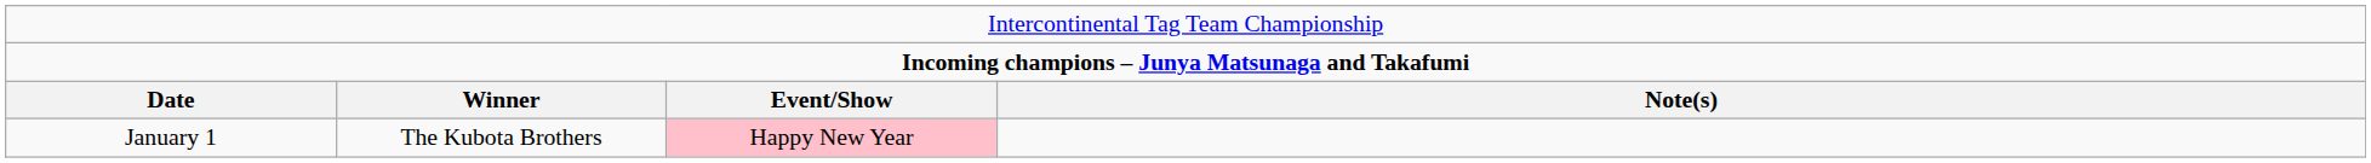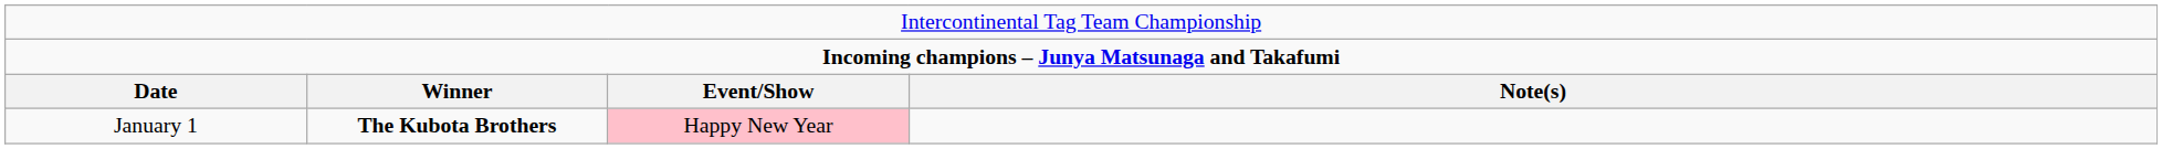 <table class="wikitable" style="text-align:center; width:100%;">
 <tr>
 <td colspan="5" style="text-align: center;"><a href='#'>Intercontinental Tag Team Championship</a></td>
 </tr>
 <tr>
 <td colspan="5" style="text-align: center;"><strong>Incoming champions – <a href='#'>Junya Matsunaga</a> and Takafumi</strong></td>
 </tr>
 <tr>
 <th width=14%>Date</th>
 <th width=14%>Winner</th>
 <th width=14%>Event/Show</th>
 <th width=58%>Note(s)</th>
 </tr>
 <tr>
 <td>January 1<br></td>
-<td>The Kubota Brothers<br></td>
+<td><strong>The Kubota Brothers<br></strong></td>
 <td style="background: pink;">Happy New Year</td>
 <td></td>
 </tr>
 </table>
